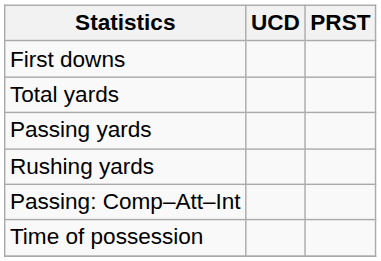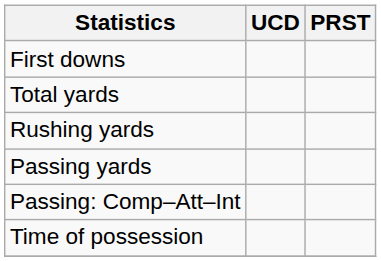 <table class="wikitable" style="float: left;">
 <tr>
 <th>Statistics</th>
 <th>UCD</th>
 <th>PRST</th>
 </tr>
 <tr>
 <td>First downs</td>
 <td></td>
 <td></td>
 </tr>
 <tr>
 <td>Total yards</td>
 <td></td>
 <td></td>
 </tr>
 <tr>
-<td>Passing yards</td>
+<td>Rushing yards</td>
 <td></td>
 <td></td>
 </tr>
 <tr>
-<td>Rushing yards</td>
+<td>Passing yards</td>
 <td></td>
 <td></td>
 </tr>
 <tr>
 <td>Passing: Comp–Att–Int</td>
 <td></td>
 <td></td>
 </tr>
 <tr>
 <td>Time of possession</td>
 <td></td>
 <td></td>
 </tr>
 <tr>
 </tr>
 </table>
